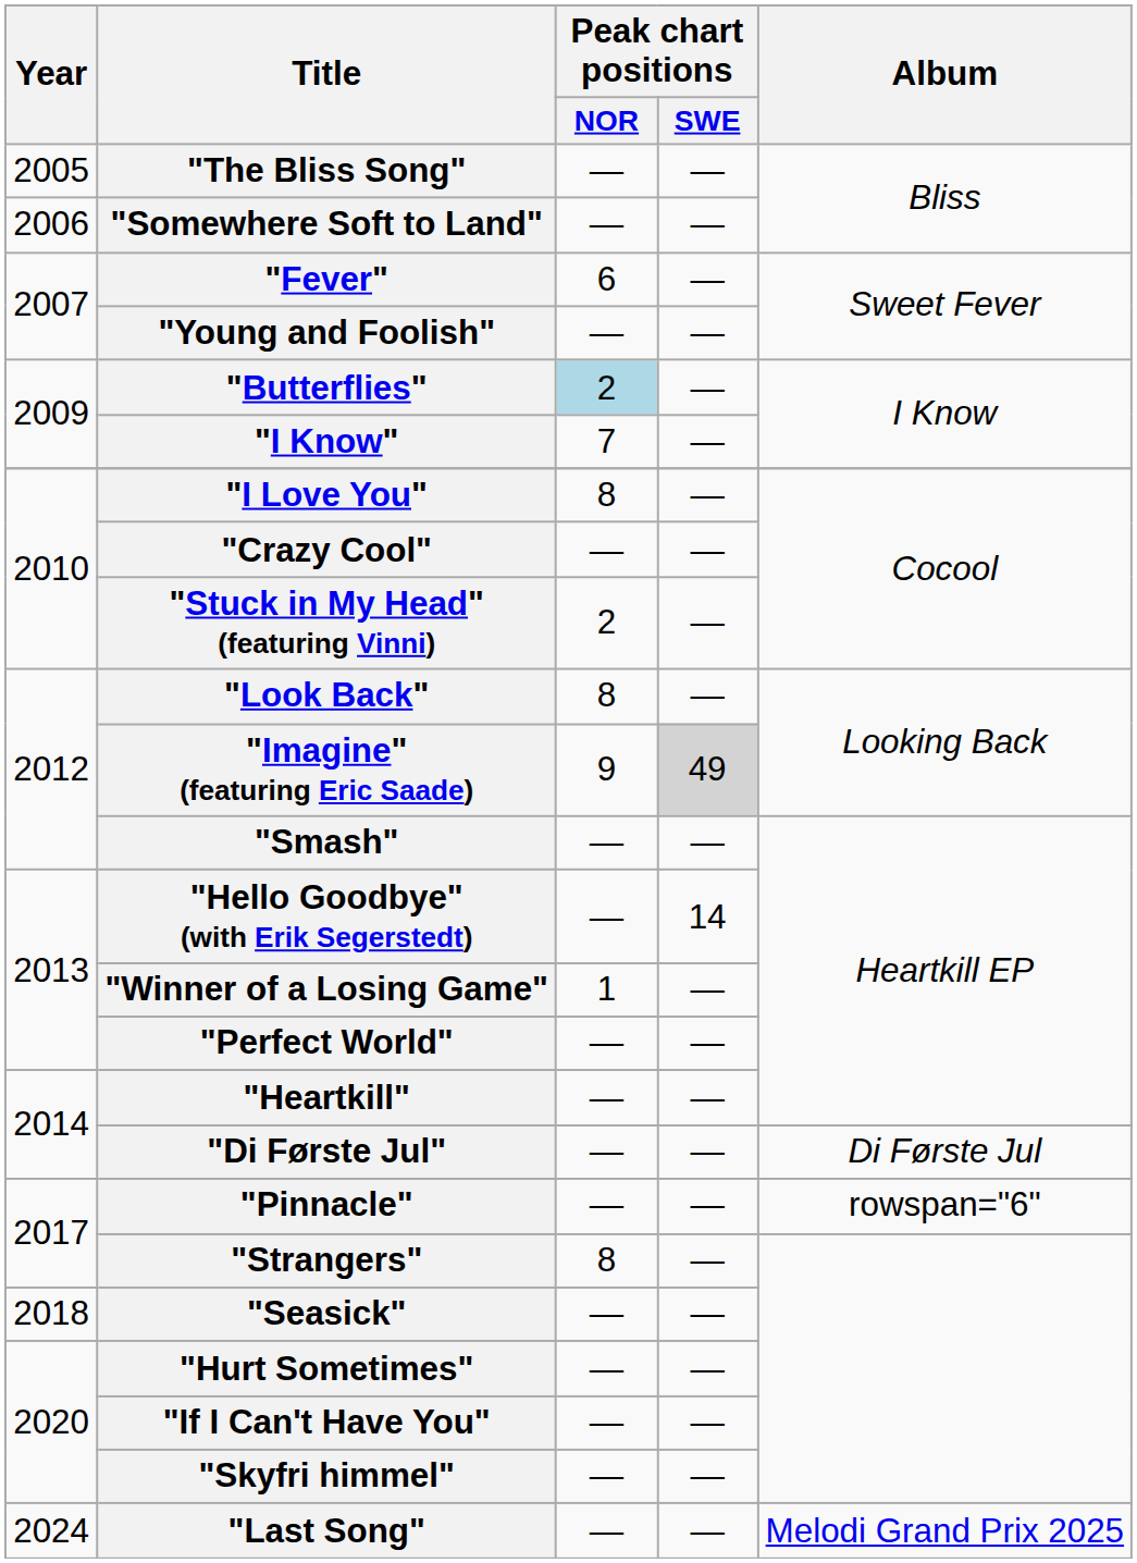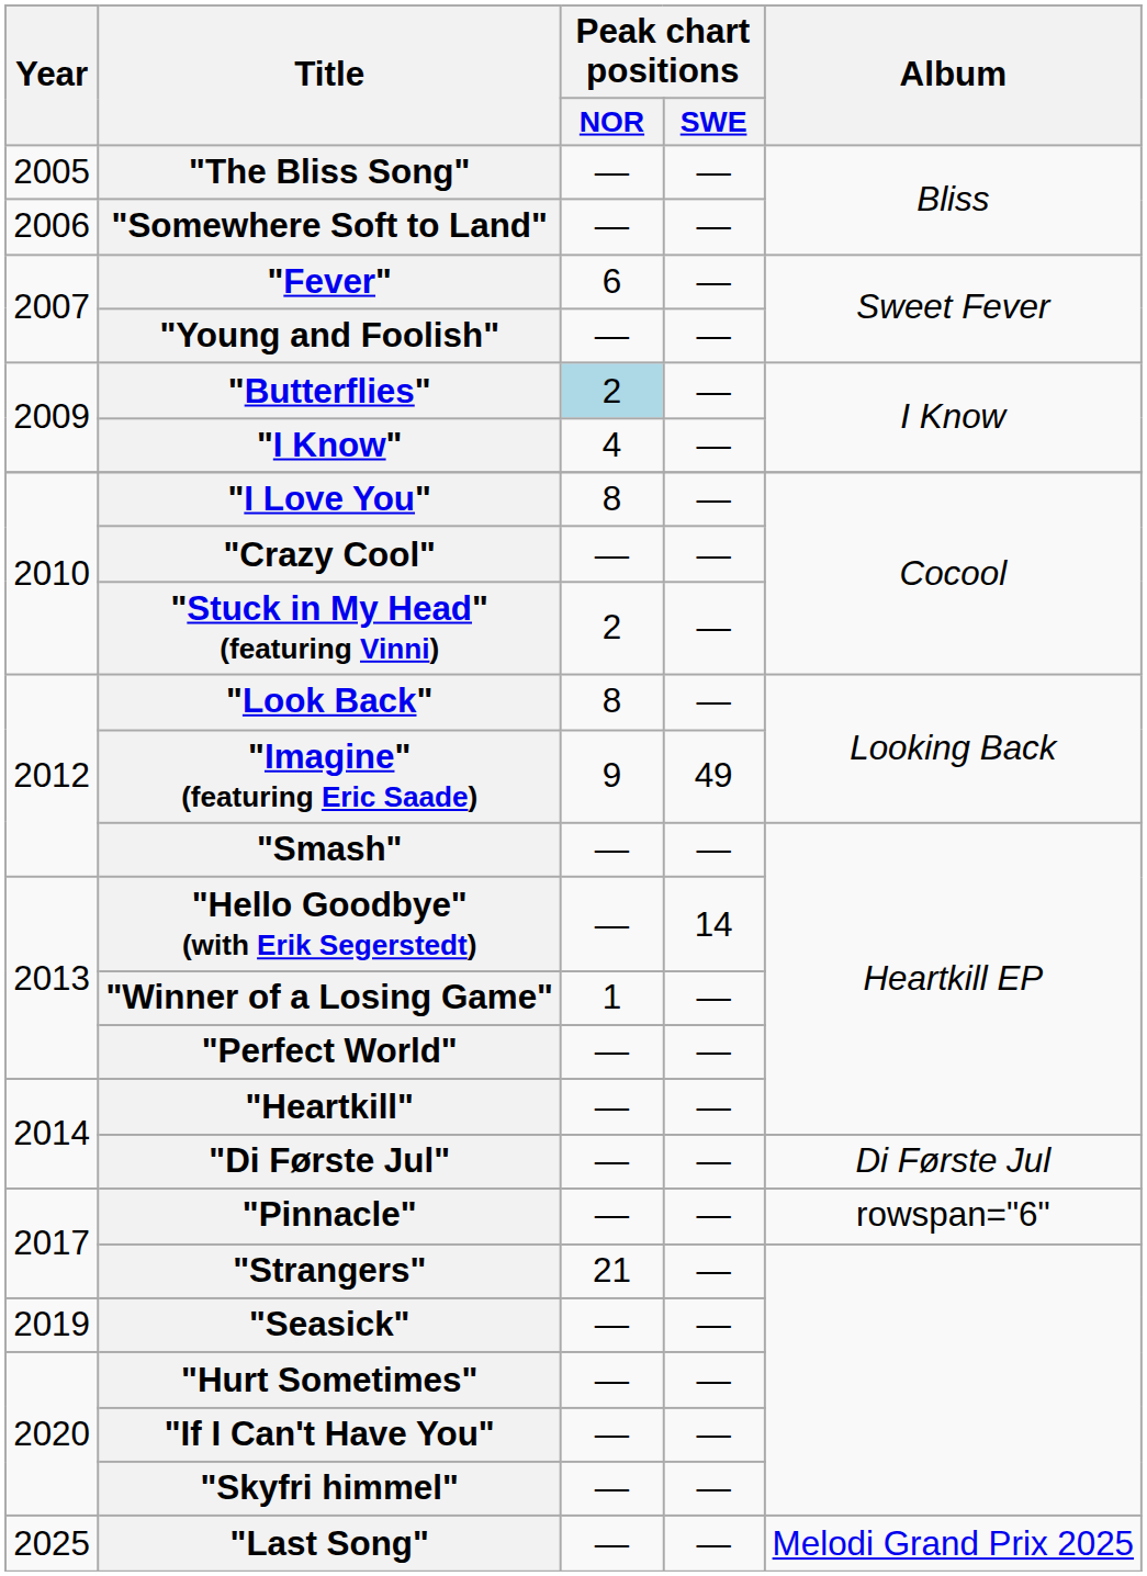 <table class="wikitable plainrowheaders" style="text-align:center;">
 <tr>
 <th scope="col" rowspan="2">Year</th>
 <th scope="col" rowspan="2">Title</th>
 <th scope="col" colspan="2">Peak chart positions</th>
 <th scope="col" rowspan="2">Album</th>
 </tr>
 <tr>
 <th scope="col" style="width:3em;font-size:85%;"><a href='#'>NOR</a><br></th>
 <th scope="col" style="width:3em;font-size:85%;"><a href='#'>SWE</a><br></th>
 </tr>
 <tr>
 <td>2005</td>
 <th scope="row">"The Bliss Song"</th>
 <td>—</td>
 <td>—</td>
 <td rowspan="2"><em>Bliss</em></td>
 </tr>
 <tr>
 <td>2006</td>
 <th scope="row">"Somewhere Soft to Land"</th>
 <td>—</td>
 <td>—</td>
 </tr>
 <tr>
 <td rowspan="2">2007</td>
 <th scope="row">"<a href='#'>Fever</a>"</th>
 <td>6</td>
 <td>—</td>
 <td rowspan="2"><em>Sweet Fever</em></td>
 </tr>
 <tr>
 <th scope="row">"Young and Foolish"</th>
 <td>—</td>
 <td>—</td>
 </tr>
 <tr>
 <td rowspan="2">2009</td>
 <th scope="row">"<a href='#'>Butterflies</a>"</th>
 <td style="background: lightblue;">2</td>
 <td>—</td>
 <td rowspan="2"><em>I Know</em></td>
 </tr>
 <tr>
 <th scope="row">"<a href='#'>I Know</a>"</th>
-<td>7</td>
+<td>4</td>
 <td>—</td>
 </tr>
 <tr>
 </tr>
 <tr>
 <td rowspan="3">2010</td>
 <th scope="row">"<a href='#'>I Love You</a>"</th>
 <td>8</td>
 <td>—</td>
 <td rowspan="3"><em>Cocool</em></td>
 </tr>
 <tr>
 <th scope="row">"Crazy Cool"</th>
 <td>—</td>
 <td>—</td>
 </tr>
 <tr>
 <th scope="row">"<a href='#'>Stuck in My Head</a>" <br><small>(featuring <a href='#'>Vinni</a>)</small></th>
 <td>2</td>
 <td>—</td>
 </tr>
 <tr>
 <td rowspan="3">2012</td>
 <th scope="row">"<a href='#'>Look Back</a>"</th>
 <td>8</td>
 <td>—</td>
 <td rowspan="2"><em>Looking Back</em></td>
 </tr>
 <tr>
 <th scope="row">"<a href='#'>Imagine</a>" <br><small>(featuring <a href='#'>Eric Saade</a>)</small></th>
 <td>9</td>
-<td style="background: lightgrey;">49</td>
+<td>49</td>
 </tr>
 <tr>
 <th scope="row">"Smash"</th>
 <td>—</td>
 <td>—</td>
 <td rowspan="5"><em>Heartkill EP</em></td>
 </tr>
 <tr>
 <td rowspan="3">2013</td>
 <th scope="row">"Hello Goodbye" <br><small>(with <a href='#'>Erik Segerstedt</a>)</small></th>
 <td>—</td>
 <td>14</td>
 </tr>
 <tr>
 <th scope="row">"Winner of a Losing Game"</th>
 <td>1</td>
 <td>—</td>
 </tr>
 <tr>
 <th scope="row">"Perfect World"</th>
 <td>—</td>
 <td>—</td>
 </tr>
 <tr>
 <td rowspan="2">2014</td>
 <th scope="row">"Heartkill"</th>
 <td>—</td>
 <td>—</td>
 </tr>
 <tr>
 <th scope="row">"Di Første Jul"</th>
 <td>—</td>
 <td>—</td>
 <td><em>Di Første Jul</em></td>
 </tr>
 <tr>
 <td rowspan="2">2017</td>
 <th scope="row">"Pinnacle"</th>
 <td>—</td>
 <td>—</td>
 <td>rowspan="6" </td>
 </tr>
 <tr>
 <th scope="row">"Strangers"</th>
-<td>8</td>
+<td>21</td>
 <td>—</td>
 </tr>
 <tr>
-<td>2018</td>
+<td>2019</td>
 <th scope="row">"Seasick"</th>
 <td>—</td>
 <td>—</td>
 </tr>
 <tr>
 <td rowspan="3">2020</td>
 <th scope="row">"Hurt Sometimes"</th>
 <td>—</td>
 <td>—</td>
 </tr>
 <tr>
 <th scope="row">"If I Can't Have You"</th>
 <td>—</td>
 <td>—</td>
 </tr>
 <tr>
 <th scope="row">"Skyfri himmel"</th>
 <td>—</td>
 <td>—</td>
 </tr>
 <tr>
-<td>2024</td>
+<td>2025</td>
 <th scope="row">"Last Song"</th>
 <td>—</td>
 <td>—</td>
 <td><a href='#'>Melodi Grand Prix 2025</a></td>
 </tr>
 <tr>
 </tr>
 </table>
